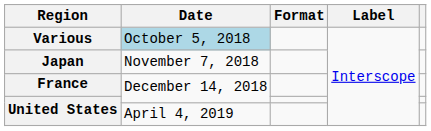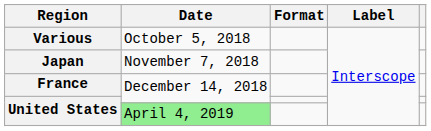 <table class="wikitable plainrowheaders">
 <tr>
 <th scope="col">Region</th>
 <th scope="col">Date</th>
 <th scope="col">Format</th>
 <th scope="col">Label</th>
 <th scope="col"></th>
 </tr>
 <tr>
 <th scope="row">Various</th>
-<td style="background: lightblue;">October 5, 2018</td>
+<td>October 5, 2018</td>
 <td></td>
 <td rowspan="5"><a href='#'>Interscope</a></td>
 <td style="text-align:center"></td>
 </tr>
 <tr>
 <th scope="row">Japan</th>
 <td>November 7, 2018</td>
 <td></td>
 <td style="text-align:center"></td>
 </tr>
 <tr>
 <th scope="row">France</th>
 <td rowspan="2">December 14, 2018</td>
 <td></td>
 <td style="text-align:center"></td>
 </tr>
 <tr>
 <th scope="row" rowspan="2">United States</th>
 <td></td>
 <td style="text-align:center"></td>
 </tr>
 <tr>
-<td>April 4, 2019</td>
+<td style="background: lightgreen;">April 4, 2019</td>
 <td><br></td>
 <td style="text-align:center"></td>
 </tr>
 </table>
